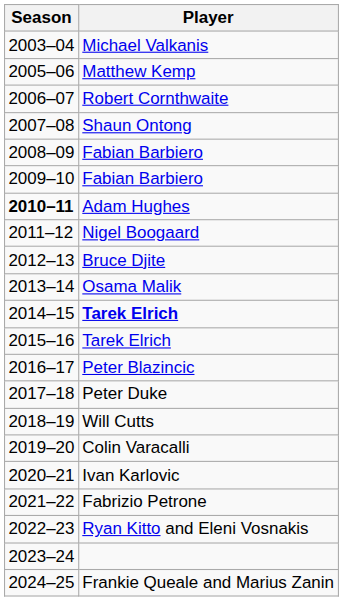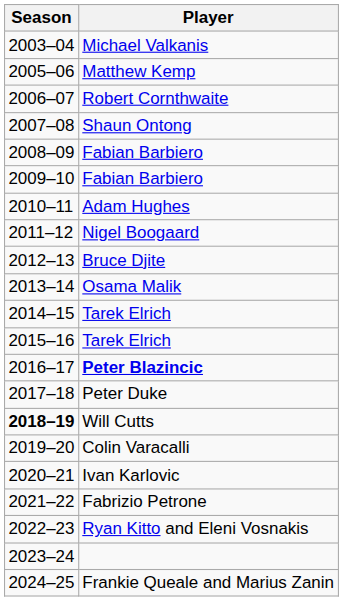 <table class="wikitable">
 <tr>
 <th>Season</th>
 <th>Player</th>
 </tr>
 <tr>
 <td>2003–04</td>
 <td> <a href='#'>Michael Valkanis</a></td>
 </tr>
 <tr>
 <td>2005–06</td>
 <td> <a href='#'>Matthew Kemp</a></td>
 </tr>
 <tr>
 <td>2006–07</td>
 <td> <a href='#'>Robert Cornthwaite</a></td>
 </tr>
 <tr>
 <td>2007–08</td>
 <td> <a href='#'>Shaun Ontong</a></td>
 </tr>
 <tr>
 <td>2008–09</td>
 <td> <a href='#'>Fabian Barbiero</a></td>
 </tr>
 <tr>
 <td>2009–10</td>
 <td> <a href='#'>Fabian Barbiero</a></td>
 </tr>
 <tr>
-<td><strong>2010–11</strong></td>
+<td>2010–11</td>
 <td> <a href='#'>Adam Hughes</a></td>
 </tr>
 <tr>
 <td>2011–12</td>
 <td> <a href='#'>Nigel Boogaard</a></td>
 </tr>
 <tr>
 <td>2012–13</td>
 <td> <a href='#'>Bruce Djite</a></td>
 </tr>
 <tr>
 <td>2013–14</td>
 <td> <a href='#'>Osama Malik</a></td>
 </tr>
 <tr>
 <td>2014–15</td>
-<td><strong> <a href='#'>Tarek Elrich</a></strong></td>
+<td> <a href='#'>Tarek Elrich</a></td>
 </tr>
 <tr>
 <td>2015–16</td>
 <td> <a href='#'>Tarek Elrich</a></td>
 </tr>
 <tr>
 <td>2016–17</td>
-<td> <a href='#'>Peter Blazincic</a></td>
+<td><strong> <a href='#'>Peter Blazincic</a></strong></td>
 </tr>
 <tr>
 <td>2017–18</td>
 <td>Peter Duke</td>
 </tr>
 <tr>
-<td>2018–19</td>
+<td><strong>2018–19</strong></td>
 <td>Will Cutts</td>
 </tr>
 <tr>
 <td>2019–20</td>
 <td>Colin Varacalli</td>
 </tr>
 <tr>
 <td>2020–21</td>
 <td>Ivan Karlovic</td>
 </tr>
 <tr>
 <td>2021–22</td>
 <td>Fabrizio Petrone</td>
 </tr>
 <tr>
 <td>2022–23</td>
 <td> <a href='#'>Ryan Kitto</a> and Eleni Vosnakis</td>
 </tr>
 <tr>
 <td>2023–24</td>
 </tr>
 <tr>
 <td>2024–25</td>
 <td>Frankie Queale and Marius Zanin</td>
 </tr>
 </table>
